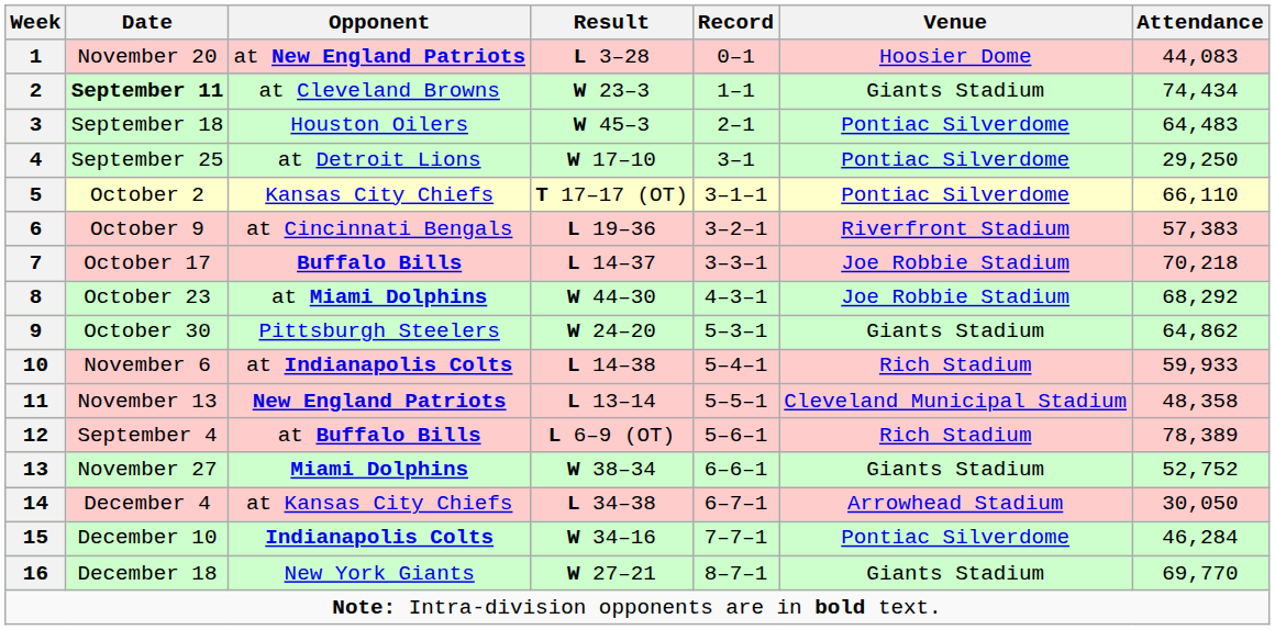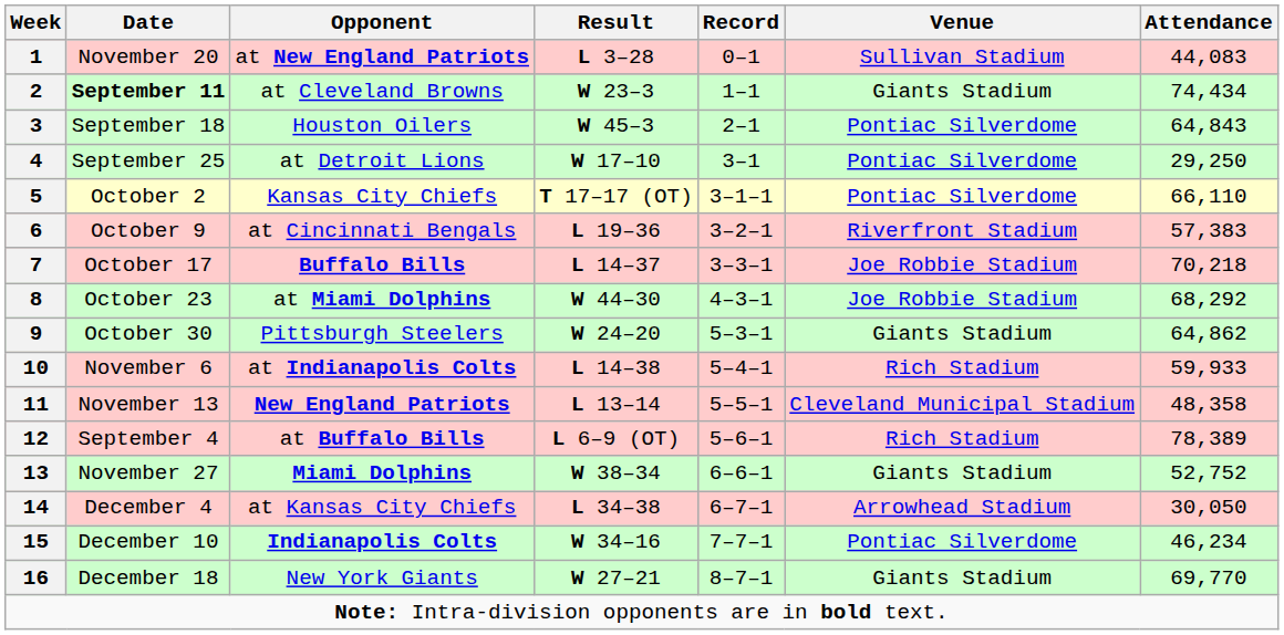 <table class="wikitable" style="text-align:center">
 <tr>
 <th>Week</th>
 <th>Date</th>
 <th>Opponent</th>
 <th>Result</th>
 <th>Record</th>
 <th>Venue</th>
 <th>Attendance</th>
 </tr>
 <tr style="background:#fcc">
 <th>1</th>
 <td>November 20</td>
 <td>at <strong><a href='#'>New England Patriots</a></strong></td>
 <td><strong>L</strong> 3–28</td>
 <td>0–1</td>
-<td><a href='#'>Hoosier Dome</a></td>
+<td><a href='#'>Sullivan Stadium</a></td>
 <td>44,083</td>
 </tr>
 <tr style="background:#cfc">
 <th>2</th>
 <td><strong>September 11</strong></td>
 <td>at <a href='#'>Cleveland Browns</a></td>
 <td><strong>W</strong> 23–3</td>
 <td>1–1</td>
 <td>Giants Stadium</td>
 <td>74,434</td>
 </tr>
 <tr style="background:#cfc">
 <th>3</th>
 <td>September 18</td>
 <td><a href='#'>Houston Oilers</a></td>
 <td><strong>W</strong> 45–3</td>
 <td>2–1</td>
 <td><a href='#'>Pontiac Silverdome</a></td>
-<td>64,483</td>
+<td>64,843</td>
 </tr>
 <tr style="background:#cfc">
 <th>4</th>
 <td>September 25</td>
 <td>at <a href='#'>Detroit Lions</a></td>
 <td><strong>W</strong> 17–10</td>
 <td>3–1</td>
 <td><a href='#'>Pontiac Silverdome</a></td>
 <td>29,250</td>
 </tr>
 <tr style="background:#ffc">
 <th>5</th>
 <td>October 2</td>
 <td><a href='#'>Kansas City Chiefs</a></td>
 <td><strong>T</strong> 17–17 (OT)</td>
 <td>3–1–1</td>
 <td><a href='#'>Pontiac Silverdome</a></td>
 <td>66,110</td>
 </tr>
 <tr style="background:#fcc">
 <th>6</th>
 <td>October 9</td>
 <td>at <a href='#'>Cincinnati Bengals</a></td>
 <td><strong>L</strong> 19–36</td>
 <td>3–2–1</td>
 <td><a href='#'>Riverfront Stadium</a></td>
 <td>57,383</td>
 </tr>
 <tr style="background:#fcc">
 <th>7</th>
 <td>October 17</td>
 <td><strong><a href='#'>Buffalo Bills</a></strong></td>
 <td><strong>L</strong> 14–37</td>
 <td>3–3–1</td>
 <td><a href='#'>Joe Robbie Stadium</a></td>
 <td>70,218</td>
 </tr>
 <tr style="background:#cfc">
 <th>8</th>
 <td>October 23</td>
 <td>at <strong><a href='#'>Miami Dolphins</a></strong></td>
 <td><strong>W</strong> 44–30</td>
 <td>4–3–1</td>
 <td><a href='#'>Joe Robbie Stadium</a></td>
 <td>68,292</td>
 </tr>
 <tr style="background:#cfc">
 <th>9</th>
 <td>October 30</td>
 <td><a href='#'>Pittsburgh Steelers</a></td>
 <td><strong>W</strong> 24–20</td>
 <td>5–3–1</td>
 <td>Giants Stadium</td>
 <td>64,862</td>
 </tr>
 <tr style="background:#fcc">
 <th>10</th>
 <td>November 6</td>
 <td>at <strong><a href='#'>Indianapolis Colts</a></strong></td>
 <td><strong>L</strong> 14–38</td>
 <td>5–4–1</td>
 <td><a href='#'>Rich Stadium</a></td>
 <td>59,933</td>
 </tr>
 <tr style="background:#fcc">
 <th>11</th>
 <td>November 13</td>
 <td><strong><a href='#'>New England Patriots</a></strong></td>
 <td><strong>L</strong> 13–14</td>
 <td>5–5–1</td>
 <td><a href='#'>Cleveland Municipal Stadium</a></td>
 <td>48,358</td>
 </tr>
 <tr style="background:#fcc">
 <th>12</th>
 <td>September 4</td>
 <td>at <strong><a href='#'>Buffalo Bills</a></strong></td>
 <td><strong>L</strong> 6–9 (OT)</td>
 <td>5–6–1</td>
 <td><a href='#'>Rich Stadium</a></td>
 <td>78,389</td>
 </tr>
 <tr style="background:#cfc">
 <th>13</th>
 <td>November 27</td>
 <td><strong><a href='#'>Miami Dolphins</a></strong></td>
 <td><strong>W</strong> 38–34</td>
 <td>6–6–1</td>
 <td>Giants Stadium</td>
 <td>52,752</td>
 </tr>
 <tr style="background:#fcc">
 <th>14</th>
 <td>December 4</td>
 <td>at <a href='#'>Kansas City Chiefs</a></td>
 <td><strong>L</strong> 34–38</td>
 <td>6–7–1</td>
 <td><a href='#'>Arrowhead Stadium</a></td>
 <td>30,050</td>
 </tr>
 <tr style="background:#cfc">
 <th>15</th>
 <td>December 10</td>
 <td><strong><a href='#'>Indianapolis Colts</a></strong></td>
 <td><strong>W</strong> 34–16</td>
 <td>7–7–1</td>
 <td><a href='#'>Pontiac Silverdome</a></td>
-<td>46,284</td>
+<td>46,234</td>
 </tr>
 <tr style="background:#cfc">
 <th>16</th>
 <td>December 18</td>
 <td><a href='#'>New York Giants</a></td>
 <td><strong>W</strong> 27–21</td>
 <td>8–7–1</td>
 <td>Giants Stadium</td>
 <td>69,770</td>
 </tr>
 <tr>
 <td colspan="8"><strong>Note:</strong> Intra-division opponents are in <strong>bold</strong> text.</td>
 </tr>
 </table>
